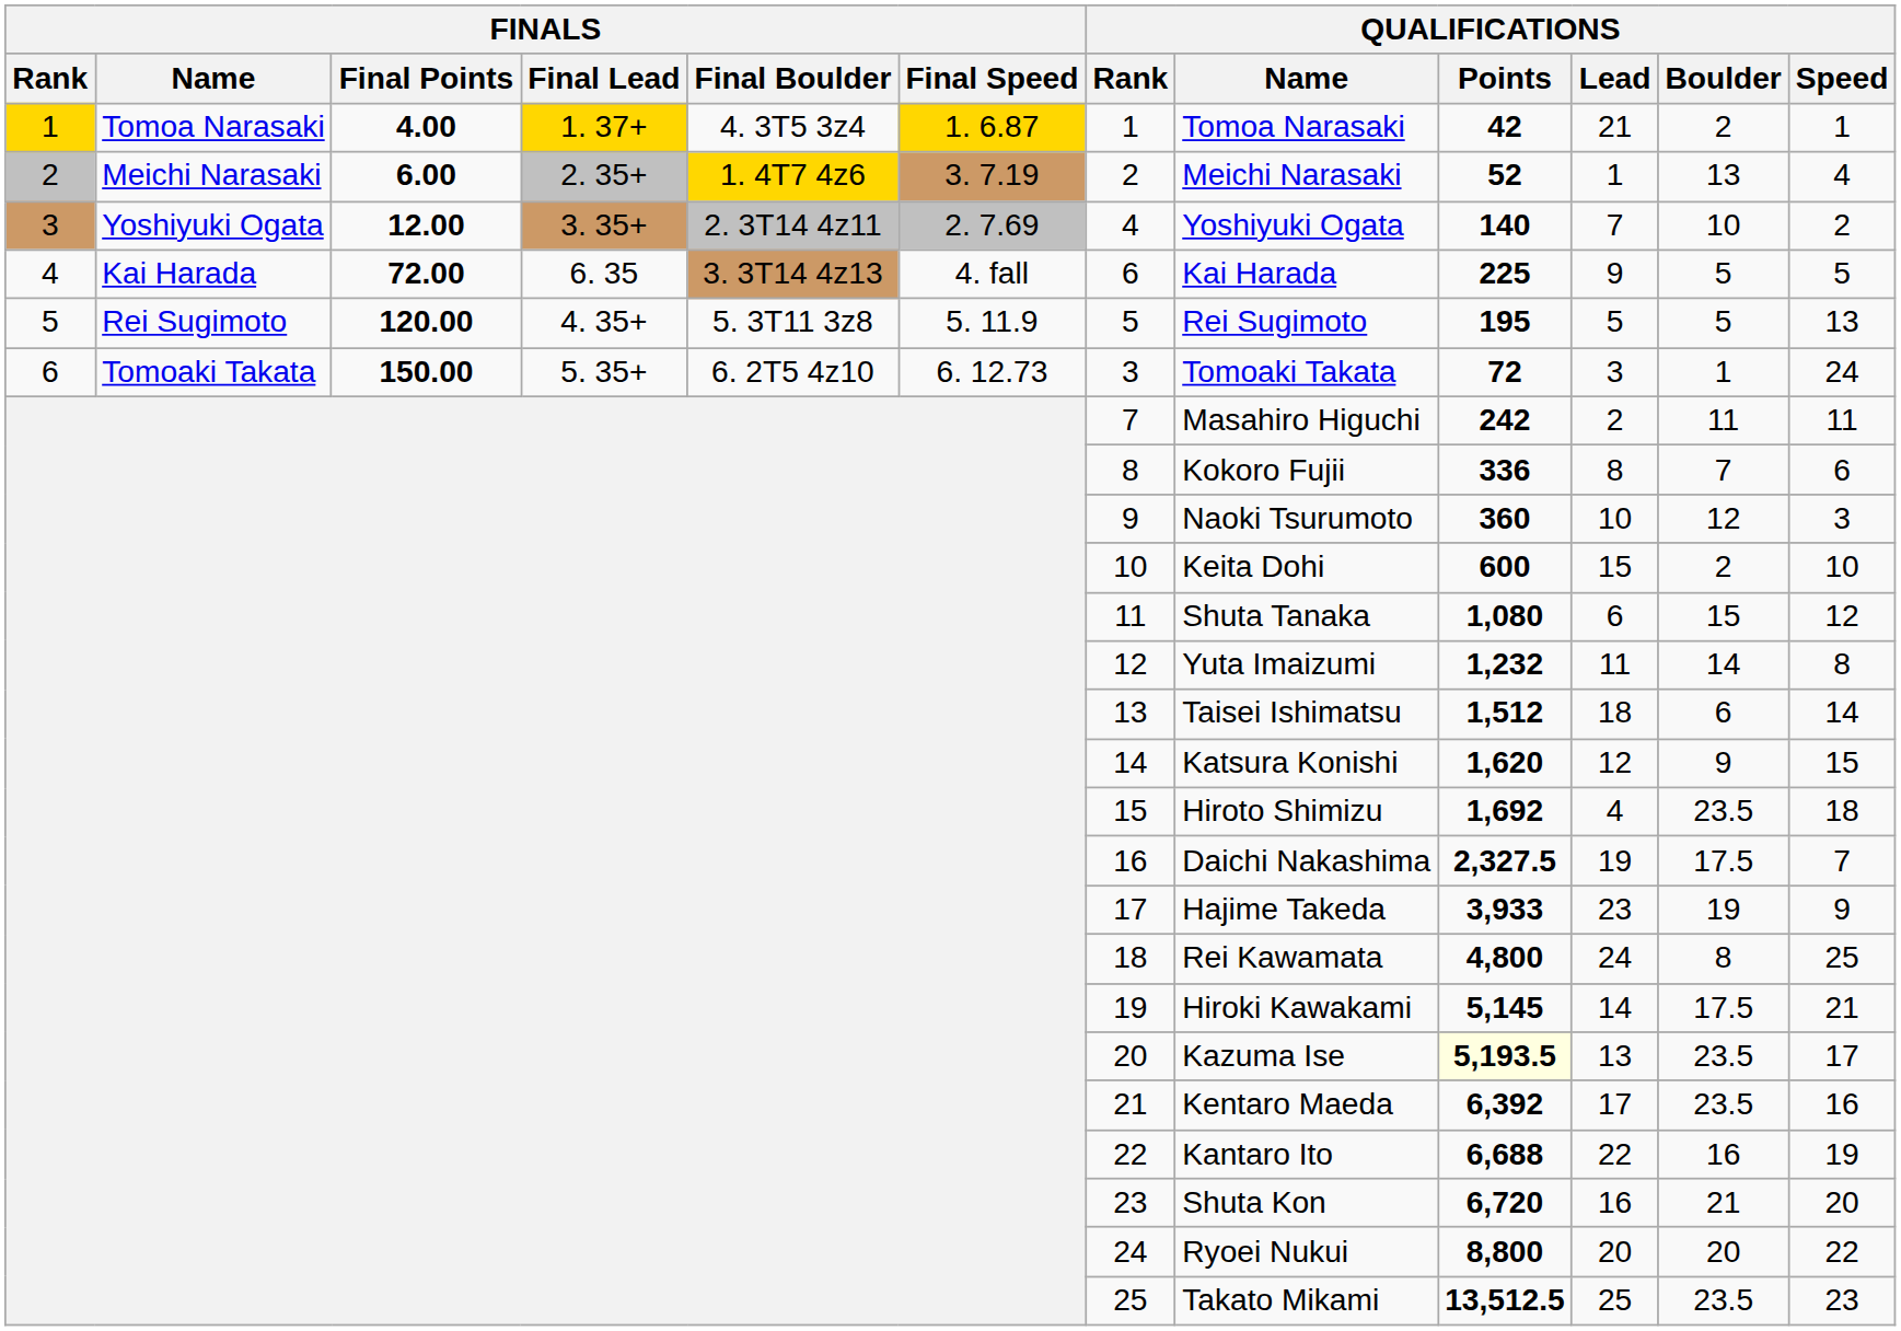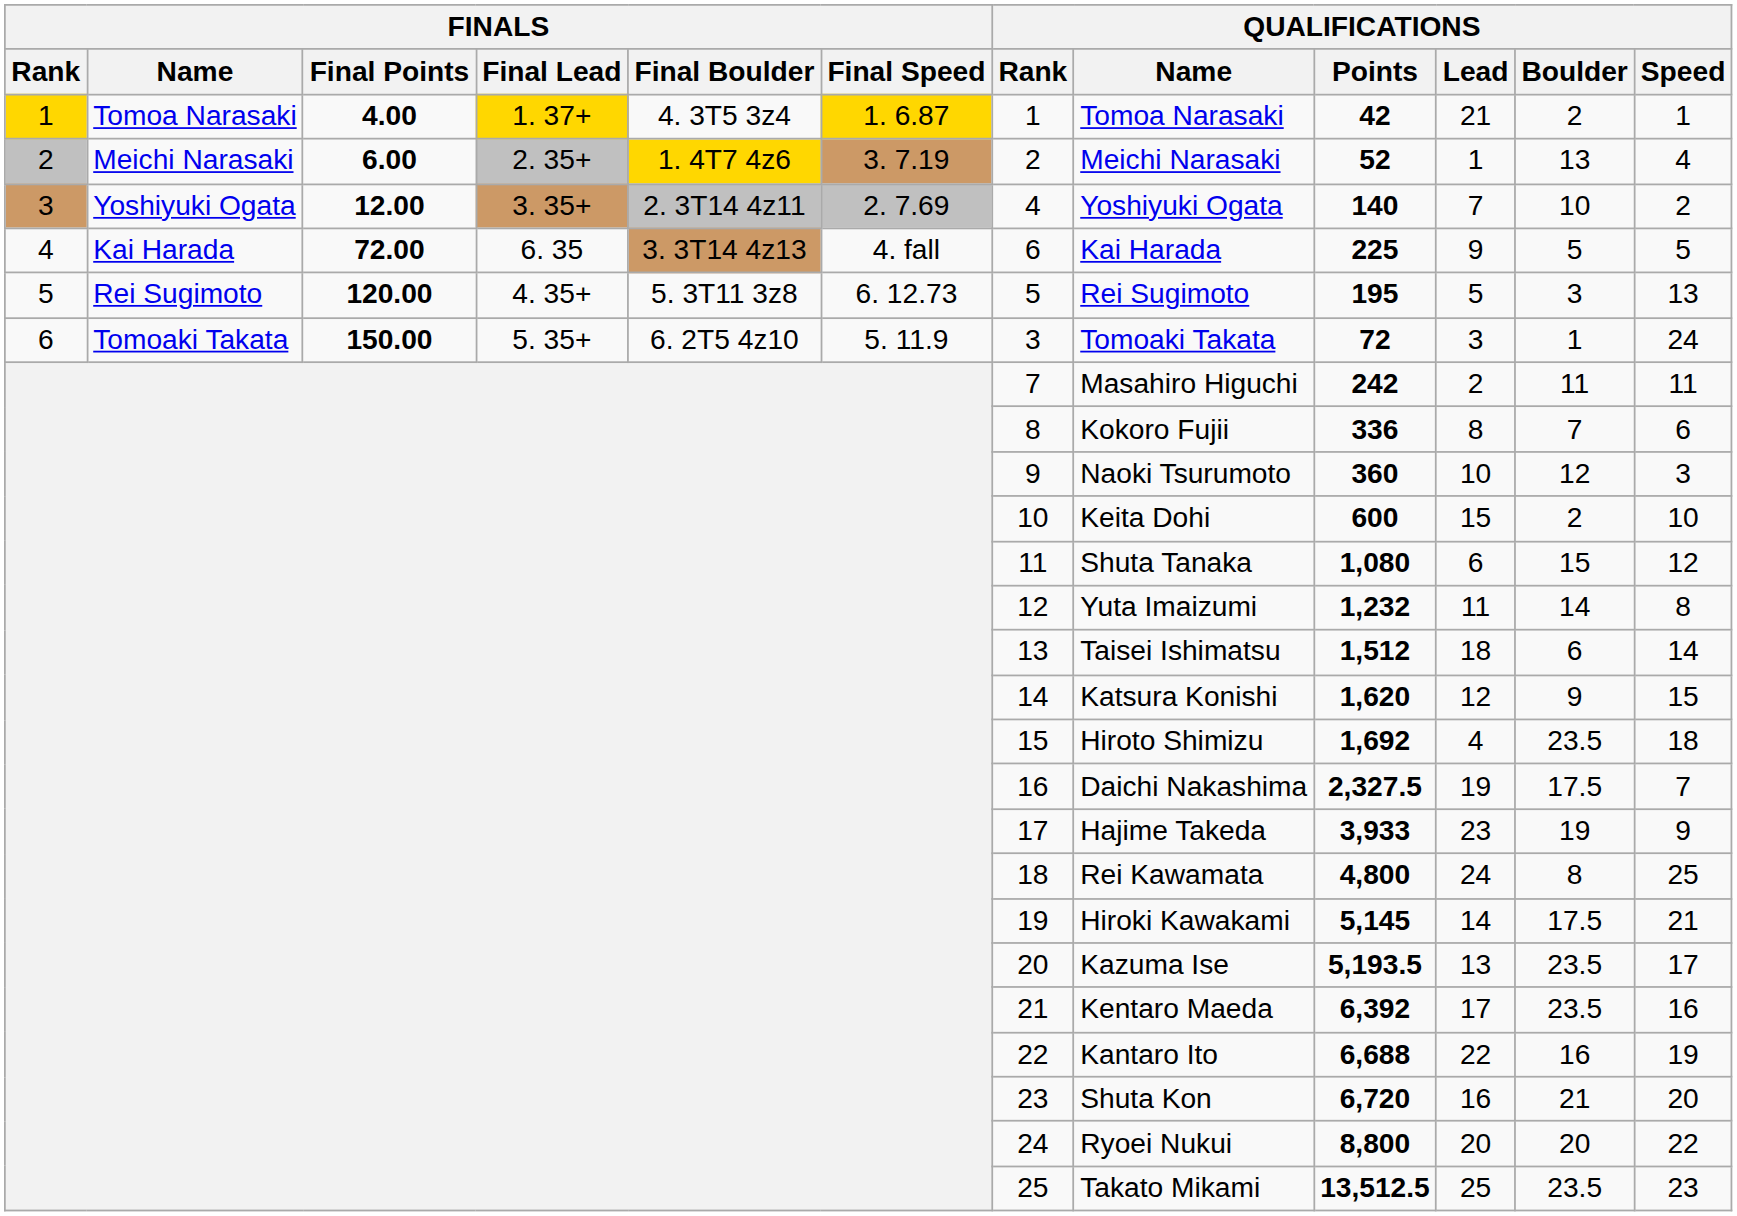 <table class="wikitable sortable" style="text-align:center">
 <tr>
 <th colspan="6">FINALS</th>
 <th colspan="6">QUALIFICATIONS</th>
 </tr>
 <tr>
 <th>Rank</th>
 <th>Name</th>
 <th>Final Points</th>
 <th>Final Lead</th>
 <th>Final Boulder</th>
 <th>Final Speed</th>
 <th>Rank</th>
 <th>Name</th>
 <th>Points</th>
 <th>Lead</th>
 <th>Boulder</th>
 <th>Speed</th>
 </tr>
 <tr>
 <td style="background: gold;">1</td>
 <td align="left"><a href='#'>Tomoa Narasaki</a></td>
 <td><strong>4.00</strong></td>
 <td style="background: gold;">1. 37+</td>
 <td>4. 3T5 3z4</td>
 <td style="background: gold;">1. 6.87</td>
 <td>1</td>
 <td align="left"><a href='#'>Tomoa Narasaki</a></td>
 <td><strong>42</strong></td>
 <td>21</td>
 <td>2</td>
 <td>1</td>
 </tr>
 <tr>
 <td style="background: silver;">2</td>
 <td align="left"><a href='#'>Meichi Narasaki</a></td>
 <td><strong>6.00</strong></td>
 <td style="background: silver;">2. 35+</td>
 <td style="background: gold;">1. 4T7 4z6</td>
 <td style="background: #cc9966;">3. 7.19</td>
 <td>2</td>
 <td align="left"><a href='#'>Meichi Narasaki</a></td>
 <td><strong>52</strong></td>
 <td>1</td>
 <td>13</td>
 <td>4</td>
 </tr>
 <tr>
 <td style="background: #cc9966;">3</td>
 <td align="left"><a href='#'>Yoshiyuki Ogata</a></td>
 <td><strong>12.00</strong></td>
 <td style="background: #cc9966;">3. 35+</td>
 <td style="background: silver;">2. 3T14 4z11</td>
 <td style="background: silver;">2. 7.69</td>
 <td>4</td>
 <td align="left"><a href='#'>Yoshiyuki Ogata</a></td>
 <td><strong>140</strong></td>
 <td>7</td>
 <td>10</td>
 <td>2</td>
 </tr>
 <tr>
 <td>4</td>
 <td align="left"><a href='#'>Kai Harada</a></td>
 <td><strong>72.00</strong></td>
 <td>6. 35</td>
 <td style="background: #cc9966;">3. 3T14 4z13</td>
 <td>4. fall</td>
 <td>6</td>
 <td align="left"><a href='#'>Kai Harada</a></td>
 <td><strong>225</strong></td>
 <td>9</td>
 <td>5</td>
 <td>5</td>
 </tr>
 <tr>
 <td>5</td>
 <td align="left"><a href='#'>Rei Sugimoto</a></td>
 <td><strong>120.00</strong></td>
 <td>4. 35+</td>
 <td>5. 3T11 3z8</td>
-<td>5. 11.9</td>
+<td>6. 12.73</td>
 <td>5</td>
 <td align="left"><a href='#'>Rei Sugimoto</a></td>
 <td><strong>195</strong></td>
 <td>5</td>
-<td>5</td>
+<td>3</td>
 <td>13</td>
 </tr>
 <tr>
 <td>6</td>
 <td align="left"><a href='#'>Tomoaki Takata</a></td>
 <td><strong>150.00</strong></td>
 <td>5. 35+</td>
 <td>6. 2T5 4z10</td>
-<td>6. 12.73</td>
+<td>5. 11.9</td>
 <td>3</td>
 <td align="left"><a href='#'>Tomoaki Takata</a></td>
 <td><strong>72</strong></td>
 <td>3</td>
 <td>1</td>
 <td>24</td>
 </tr>
 <tr>
 <th colspan="6" rowspan="19"></th>
 <td>7</td>
 <td align="left">Masahiro Higuchi</td>
 <td><strong>242</strong></td>
 <td>2</td>
 <td>11</td>
 <td>11</td>
 </tr>
 <tr>
 <td>8</td>
 <td align="left">Kokoro Fujii</td>
 <td><strong>336</strong></td>
 <td>8</td>
 <td>7</td>
 <td>6</td>
 </tr>
 <tr>
 <td>9</td>
 <td align="left">Naoki Tsurumoto</td>
 <td><strong>360</strong></td>
 <td>10</td>
 <td>12</td>
 <td>3</td>
 </tr>
 <tr>
 <td>10</td>
 <td align="left">Keita Dohi</td>
 <td><strong>600</strong></td>
 <td>15</td>
 <td>2</td>
 <td>10</td>
 </tr>
 <tr>
 <td>11</td>
 <td align="left">Shuta Tanaka</td>
 <td><strong>1,080</strong></td>
 <td>6</td>
 <td>15</td>
 <td>12</td>
 </tr>
 <tr>
 <td>12</td>
 <td align="left">Yuta Imaizumi</td>
 <td><strong>1,232</strong></td>
 <td>11</td>
 <td>14</td>
 <td>8</td>
 </tr>
 <tr>
 <td>13</td>
 <td align="left">Taisei Ishimatsu</td>
 <td><strong>1,512</strong></td>
 <td>18</td>
 <td>6</td>
 <td>14</td>
 </tr>
 <tr>
 <td>14</td>
 <td align="left">Katsura Konishi</td>
 <td><strong>1,620</strong></td>
 <td>12</td>
 <td>9</td>
 <td>15</td>
 </tr>
 <tr>
 <td>15</td>
 <td align="left">Hiroto Shimizu</td>
 <td><strong>1,692</strong></td>
 <td>4</td>
 <td>23.5</td>
 <td>18</td>
 </tr>
 <tr>
 <td>16</td>
 <td align="left">Daichi Nakashima</td>
 <td><strong>2,327.5</strong></td>
 <td>19</td>
 <td>17.5</td>
 <td>7</td>
 </tr>
 <tr>
 <td>17</td>
 <td align="left">Hajime Takeda</td>
 <td><strong>3,933</strong></td>
 <td>23</td>
 <td>19</td>
 <td>9</td>
 </tr>
 <tr>
 <td>18</td>
 <td align="left">Rei Kawamata</td>
 <td><strong>4,800</strong></td>
 <td>24</td>
 <td>8</td>
 <td>25</td>
 </tr>
 <tr>
 <td>19</td>
 <td align="left">Hiroki Kawakami</td>
 <td><strong>5,145</strong></td>
 <td>14</td>
 <td>17.5</td>
 <td>21</td>
 </tr>
 <tr>
 <td>20</td>
 <td align="left">Kazuma Ise</td>
-<td style="background: lightyellow;"><strong>5,193.5</strong></td>
+<td><strong>5,193.5</strong></td>
 <td>13</td>
 <td>23.5</td>
 <td>17</td>
 </tr>
 <tr>
 <td>21</td>
 <td align="left">Kentaro Maeda</td>
 <td><strong>6,392</strong></td>
 <td>17</td>
 <td>23.5</td>
 <td>16</td>
 </tr>
 <tr>
 <td>22</td>
 <td align="left">Kantaro Ito</td>
 <td><strong>6,688</strong></td>
 <td>22</td>
 <td>16</td>
 <td>19</td>
 </tr>
 <tr>
 <td>23</td>
 <td align="left">Shuta Kon</td>
 <td><strong>6,720</strong></td>
 <td>16</td>
 <td>21</td>
 <td>20</td>
 </tr>
 <tr>
 <td>24</td>
 <td align="left">Ryoei Nukui</td>
 <td><strong>8,800</strong></td>
 <td>20</td>
 <td>20</td>
 <td>22</td>
 </tr>
 <tr>
 <td>25</td>
 <td align="left">Takato Mikami</td>
 <td><strong>13,512.5</strong></td>
 <td>25</td>
 <td>23.5</td>
 <td>23</td>
 </tr>
 </table>
